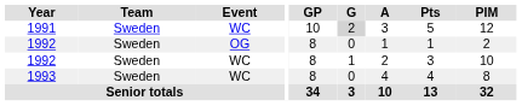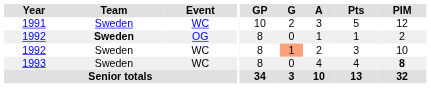 <table border="0" cellpadding="1" cellspacing="0" ID="Table3" style="text-align:center; width:40em">
 <tr ALIGN="center" bgcolor="#e0e0e0">
 <th>Year</th>
 <th>Team</th>
 <th>Event</th>
 <th rowspan="99" bgcolor="#ffffff"></th>
 <th>GP</th>
 <th>G</th>
 <th>A</th>
 <th>Pts</th>
 <th>PIM</th>
 </tr>
 <tr>
 <td><a href='#'>1991</a></td>
 <td><a href='#'>Sweden</a></td>
 <td><a href='#'>WC</a></td>
 <td>10</td>
-<td style="background: lightgrey;">2</td>
+<td>2</td>
 <td>3</td>
 <td>5</td>
 <td>12</td>
 </tr>
 <tr bgcolor="#f0f0f0">
 <td><a href='#'>1992</a></td>
-<td>Sweden</td>
+<td><strong>Sweden</strong></td>
 <td><a href='#'>OG</a></td>
 <td>8</td>
 <td>0</td>
 <td>1</td>
 <td>1</td>
 <td>2</td>
 </tr>
 <tr>
 <td><a href='#'>1992</a></td>
 <td>Sweden</td>
 <td>WC</td>
 <td>8</td>
-<td>1</td>
+<td style="background: lightsalmon;">1</td>
 <td>2</td>
 <td>3</td>
 <td>10</td>
 </tr>
 <tr bgcolor="#f0f0f0">
 <td><a href='#'>1993</a></td>
 <td>Sweden</td>
 <td>WC</td>
 <td>8</td>
 <td>0</td>
 <td>4</td>
 <td>4</td>
-<td>8</td>
+<td><strong>8</strong></td>
 </tr>
 <tr bgcolor="#e0e0e0">
 <th colspan="3">Senior totals</th>
 <th>34</th>
 <th>3</th>
 <th>10</th>
 <th>13</th>
 <th>32</th>
 </tr>
 </table>
